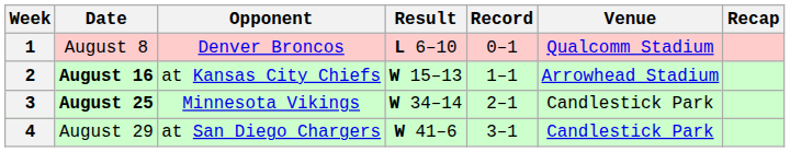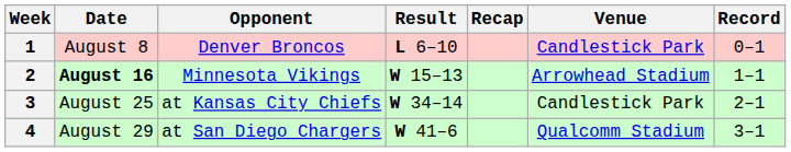 <table class="wikitable" style="text-align:center">
 <tr>
 <th>Week</th>
 <th>Date</th>
 <th>Opponent</th>
 <th>Result</th>
+<th>Recap</th>
+<th>Venue</th>
 <th>Record</th>
-<th>Venue</th>
-<th>Recap</th>
 </tr>
 <tr style="background:#fcc">
 <th>1</th>
 <td>August 8</td>
 <td><a href='#'>Denver Broncos</a></td>
 <td><strong>L</strong> 6–10</td>
+<td></td>
+<td><a href='#'>Candlestick Park</a></td>
 <td>0–1</td>
-<td><a href='#'>Qualcomm Stadium</a></td>
-<td></td>
 </tr>
 <tr style="background:#cfc">
 <th>2</th>
 <td><strong>August 16</strong></td>
-<td>at <a href='#'>Kansas City Chiefs</a></td>
+<td><a href='#'>Minnesota Vikings</a></td>
 <td><strong>W</strong> 15–13</td>
+<td></td>
+<td><a href='#'>Arrowhead Stadium</a></td>
 <td>1–1</td>
-<td><a href='#'>Arrowhead Stadium</a></td>
-<td></td>
 </tr>
 <tr style="background:#cfc">
 <th>3</th>
-<td><strong>August 25</strong></td>
-<td><a href='#'>Minnesota Vikings</a></td>
+<td>August 25</td>
+<td>at <a href='#'>Kansas City Chiefs</a></td>
 <td><strong>W</strong> 34–14</td>
+<td></td>
+<td>Candlestick Park</td>
 <td>2–1</td>
-<td>Candlestick Park</td>
-<td></td>
 </tr>
 <tr style="background:#cfc">
 <th>4</th>
 <td>August 29</td>
 <td>at <a href='#'>San Diego Chargers</a></td>
 <td><strong>W</strong> 41–6</td>
+<td></td>
+<td><a href='#'>Qualcomm Stadium</a></td>
 <td>3–1</td>
-<td><a href='#'>Candlestick Park</a></td>
-<td></td>
 </tr>
 </table>
